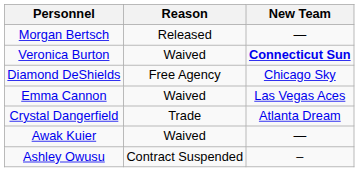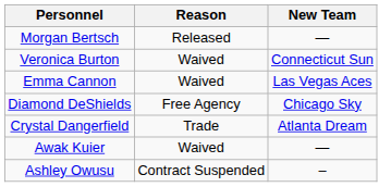 <table class="wikitable" style="text-align: center">
 <tr align="center"  bgcolor="#dddddd">
 <th><strong>Personnel</strong></th>
 <th><strong>Reason</strong></th>
 <th><strong>New Team</strong></th>
 </tr>
 <tr>
 <td><a href='#'>Morgan Bertsch</a></td>
 <td>Released</td>
 <td>—</td>
 </tr>
 <tr>
 <td><a href='#'>Veronica Burton</a></td>
 <td>Waived</td>
-<td><strong><a href='#'>Connecticut Sun</a></strong></td>
+<td><a href='#'>Connecticut Sun</a></td>
+</tr>
+<tr>
+<td><a href='#'>Emma Cannon</a></td>
+<td>Waived</td>
+<td><a href='#'>Las Vegas Aces</a></td>
 </tr>
 <tr>
 <td><a href='#'>Diamond DeShields</a></td>
 <td>Free Agency</td>
 <td><a href='#'>Chicago Sky</a></td>
-</tr>
-<tr>
-<td><a href='#'>Emma Cannon</a></td>
-<td>Waived</td>
-<td><a href='#'>Las Vegas Aces</a></td>
 </tr>
 <tr>
 <td><a href='#'>Crystal Dangerfield</a></td>
 <td>Trade</td>
 <td><a href='#'>Atlanta Dream</a></td>
 </tr>
 <tr>
 <td><a href='#'>Awak Kuier</a></td>
 <td>Waived</td>
 <td>—</td>
 </tr>
 <tr>
 <td><a href='#'>Ashley Owusu</a></td>
 <td>Contract Suspended</td>
 <td>–</td>
 </tr>
 </table>
